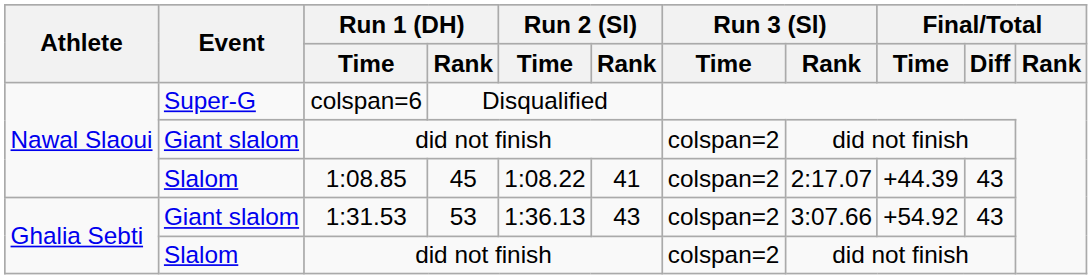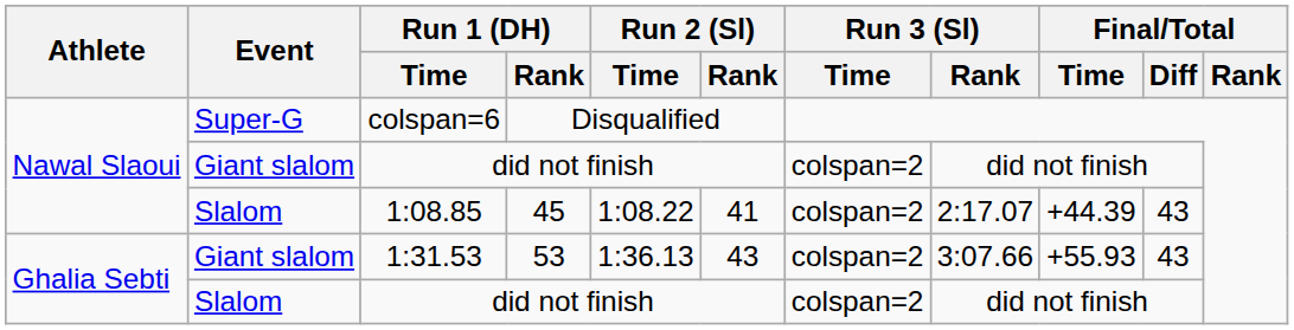 <table class="wikitable" style="font-size:90%">
 <tr>
 <th rowspan="2">Athlete</th>
 <th rowspan="2">Event</th>
 <th colspan="2">Run 1 (DH)</th>
 <th colspan="2">Run 2 (Sl)</th>
 <th colspan="2">Run 3 (Sl)</th>
 <th colspan="3">Final/Total</th>
 </tr>
 <tr>
 <th>Time</th>
 <th>Rank</th>
 <th>Time</th>
 <th>Rank</th>
 <th>Time</th>
 <th>Rank</th>
 <th>Time</th>
 <th>Diff</th>
 <th>Rank</th>
 </tr>
 <tr align="center">
 <td align="left" rowspan=3><a href='#'>Nawal Slaoui</a></td>
 <td align="left"><a href='#'>Super-G</a></td>
 <td>colspan=6 </td>
 <td colspan=3>Disqualified</td>
 </tr>
 <tr align="center">
 <td align="left"><a href='#'>Giant slalom</a></td>
 <td colspan=4>did not finish</td>
 <td>colspan=2 </td>
 <td colspan=3>did not finish</td>
 </tr>
 <tr align="center">
 <td align="left"><a href='#'>Slalom</a></td>
 <td>1:08.85</td>
 <td>45</td>
 <td>1:08.22</td>
 <td>41</td>
 <td>colspan=2 </td>
 <td>2:17.07</td>
 <td>+44.39</td>
 <td>43</td>
 </tr>
 <tr align="center">
 <td align="left" rowspan=2><a href='#'>Ghalia Sebti</a></td>
 <td align="left"><a href='#'>Giant slalom</a></td>
 <td>1:31.53</td>
 <td>53</td>
 <td>1:36.13</td>
 <td>43</td>
 <td>colspan=2 </td>
 <td>3:07.66</td>
-<td>+54.92</td>
+<td>+55.93</td>
 <td>43</td>
 </tr>
 <tr align="center">
 <td align="left"><a href='#'>Slalom</a></td>
 <td colspan=4>did not finish</td>
 <td>colspan=2 </td>
 <td colspan=3>did not finish</td>
 </tr>
 </table>
